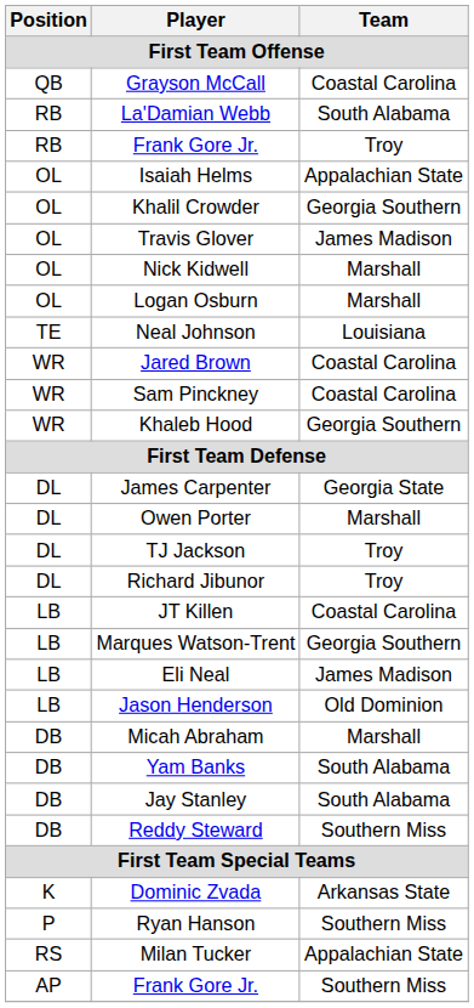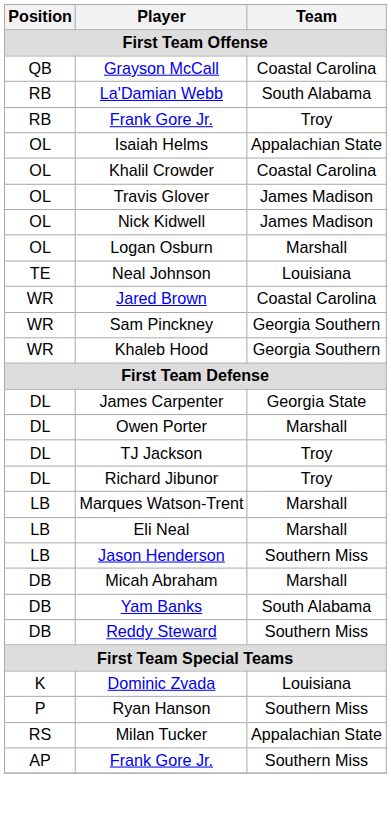 <table class="wikitable" border="0" style="text-align:center;">
 <tr>
 <th>Position</th>
 <th>Player</th>
 <th>Team</th>
 </tr>
 <tr>
 <td colspan="3" style="text-align:center; background:#ddd;"><strong>First Team Offense </strong></td>
 </tr>
 <tr>
 <td style="background:white">QB</td>
 <td style="background:white"><a href='#'>Grayson McCall</a></td>
 <td style="background:white">Coastal Carolina</td>
 </tr>
 <tr>
 <td style="background:white">RB</td>
 <td style="background:white"><a href='#'>La'Damian Webb</a></td>
 <td style="background:white">South Alabama</td>
 </tr>
 <tr>
 <td style="background:white">RB</td>
 <td style="background:white"><a href='#'>Frank Gore Jr.</a></td>
 <td style="background:white">Troy</td>
 </tr>
 <tr>
 <td style="background:white">OL</td>
 <td style="background:white">Isaiah Helms</td>
 <td style="background:white">Appalachian State</td>
 </tr>
 <tr>
 <td style="background:white">OL</td>
 <td style="background:white">Khalil Crowder</td>
-<td style="background:white">Georgia Southern</td>
+<td style="background:white">Coastal Carolina</td>
 </tr>
 <tr>
 <td style="background:white">OL</td>
 <td style="background:white">Travis Glover</td>
 <td style="background:white">James Madison</td>
 </tr>
 <tr>
 <td style="background:white">OL</td>
 <td style="background:white">Nick Kidwell</td>
-<td style="background:white">Marshall</td>
+<td style="background:white">James Madison</td>
 </tr>
 <tr>
 <td style="background:white">OL</td>
 <td style="background:white">Logan Osburn</td>
 <td style="background:white">Marshall</td>
 </tr>
 <tr>
 <td style="background:white">TE</td>
 <td style="background:white">Neal Johnson</td>
 <td style="background:white">Louisiana</td>
 </tr>
 <tr>
 <td style="background:white">WR</td>
 <td style="background:white"><a href='#'>Jared Brown</a></td>
 <td style="background:white">Coastal Carolina</td>
 </tr>
 <tr>
 <td style="background:white">WR</td>
 <td style="background:white">Sam Pinckney</td>
-<td style="background:white">Coastal Carolina</td>
+<td style="background:white">Georgia Southern</td>
 </tr>
 <tr>
 <td style="background:white">WR</td>
 <td style="background:white">Khaleb Hood</td>
 <td style="background:white">Georgia Southern</td>
 </tr>
 <tr>
 <td colspan="3" style="text-align:center; background:#ddd;"><strong>First Team Defense</strong></td>
 </tr>
 <tr>
 <td style="background:white">DL</td>
 <td style="background:white">James Carpenter</td>
 <td style="background:white">Georgia State</td>
 </tr>
 <tr>
 <td style="background:white">DL</td>
 <td style="background:white">Owen Porter</td>
 <td style="background:white">Marshall</td>
 </tr>
 <tr>
 <td style="background:white">DL</td>
 <td style="background:white">TJ Jackson</td>
 <td style="background:white">Troy</td>
 </tr>
 <tr>
 <td style="background:white">DL</td>
 <td style="background:white">Richard Jibunor</td>
 <td style="background:white">Troy</td>
 </tr>
 <tr>
 <td style="background:white">LB</td>
-<td style="background:white">JT Killen</td>
-<td style="background:white">Coastal Carolina</td>
-</tr>
-<tr>
-<td style="background:white">LB</td>
 <td style="background:white">Marques Watson-Trent</td>
-<td style="background:white">Georgia Southern</td>
+<td style="background:white">Marshall</td>
 </tr>
 <tr>
 <td style="background:white">LB</td>
 <td style="background:white">Eli Neal</td>
-<td style="background:white">James Madison</td>
+<td style="background:white">Marshall</td>
 </tr>
 <tr>
 <td style="background:white">LB</td>
 <td style="background:white"><a href='#'>Jason Henderson</a></td>
-<td style="background:white">Old Dominion</td>
+<td style="background:white">Southern Miss</td>
 </tr>
 <tr>
 <td style="background:white">DB</td>
 <td style="background:white">Micah Abraham</td>
 <td style="background:white">Marshall</td>
 </tr>
 <tr>
 <td style="background:white">DB</td>
 <td style="background:white"><a href='#'>Yam Banks</a></td>
 <td style="background:white">South Alabama</td>
 </tr>
 <tr>
 <td style="background:white">DB</td>
-<td style="background:white">Jay Stanley</td>
-<td style="background:white">South Alabama</td>
-</tr>
-<tr>
-<td style="background:white">DB</td>
 <td style="background:white"><a href='#'>Reddy Steward</a></td>
 <td style="background:white">Southern Miss</td>
 </tr>
 <tr>
 <td colspan="3" style="text-align:center; background:#ddd;"><strong>First Team Special Teams</strong></td>
 </tr>
 <tr>
 <td style="background:white">K</td>
 <td style="background:white"><a href='#'>Dominic Zvada</a></td>
-<td style="background:white">Arkansas State</td>
+<td style="background:white">Louisiana</td>
 </tr>
 <tr>
 <td style="background:white">P</td>
 <td style="background:white">Ryan Hanson</td>
 <td style="background:white">Southern Miss</td>
 </tr>
 <tr>
 <td style="background:white">RS</td>
 <td style="background:white">Milan Tucker</td>
 <td style="background:white">Appalachian State</td>
 </tr>
 <tr>
 <td style="background:white">AP</td>
 <td style="background:white"><a href='#'>Frank Gore Jr.</a></td>
 <td style="background:white">Southern Miss</td>
 </tr>
 <tr>
 </tr>
 </table>
